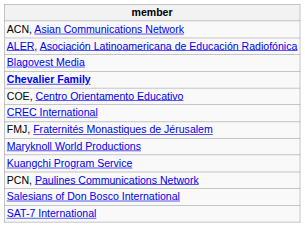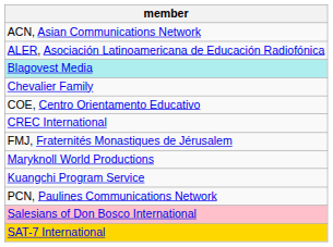 <table class="wikitable">
 <tr>
 <th>member</th>
 </tr>
 <tr>
 <td>ACN, <a href='#'>Asian Communications Network</a></td>
 </tr>
 <tr>
 <td><a href='#'>ALER</a>, <a href='#'>Asociación Latinoamericana de Educación Radiofónica</a></td>
 </tr>
 <tr>
-<td><a href='#'>Blagovest Media</a></td>
+<td style="background: paleturquoise;"><a href='#'>Blagovest Media</a></td>
 </tr>
 <tr>
-<td><strong><a href='#'>Chevalier Family</a></strong></td>
+<td><a href='#'>Chevalier Family</a></td>
 </tr>
 <tr>
 <td>COE, <a href='#'>Centro Orientamento Educativo</a></td>
 </tr>
 <tr>
 <td><a href='#'>CREC International</a></td>
 </tr>
 <tr>
 <td>FMJ, <a href='#'>Fraternités Monastiques de Jérusalem</a></td>
 </tr>
 <tr>
 <td><a href='#'>Maryknoll World Productions</a></td>
 </tr>
 <tr>
 <td><a href='#'>Kuangchi Program Service</a></td>
 </tr>
 <tr>
 <td>PCN, <a href='#'>Paulines Communications Network</a></td>
 </tr>
 <tr>
-<td><a href='#'>Salesians of Don Bosco International</a></td>
+<td style="background: pink;"><a href='#'>Salesians of Don Bosco International</a></td>
 </tr>
 <tr>
-<td><a href='#'>SAT-7 International</a></td>
+<td style="background: gold;"><a href='#'>SAT-7 International</a></td>
 </tr>
 </table>
